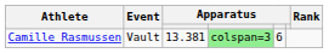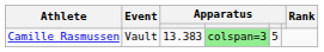 <table class="wikitable" style="font-size:90%">
 <tr>
 <th rowspan=2>Athlete</th>
 <th rowspan=2>Event</th>
 <th colspan=4>Apparatus</th>
 <th rowspan=2>Rank</th>
 </tr>
 <tr style="font-size:95%">
 <th></th>
 <th></th>
 <th></th>
 <th></th>
 </tr>
 <tr align=center>
 <td align=left><a href='#'>Camille Rasmussen</a></td>
 <td align=left>Vault</td>
-<td>13.381</td>
+<td>13.383</td>
 <td style="background: lightgreen;">colspan=3</td>
-<td>6</td>
+<td>5</td>
 </tr>
 </table>
